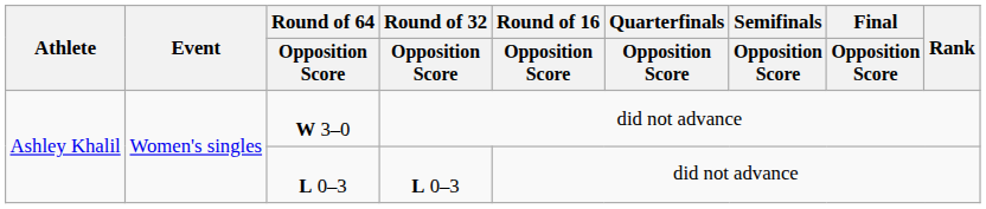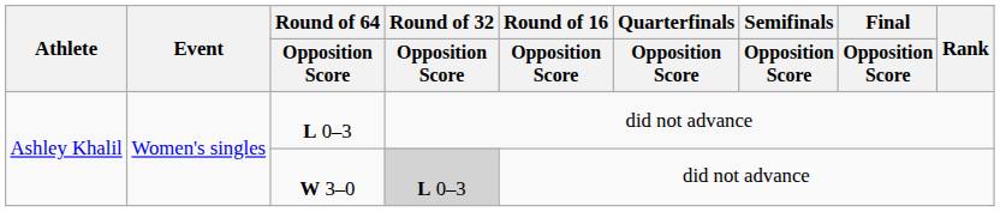 <table class="wikitable" style="font-size:90%;">
 <tr>
 <th rowspan="2">Athlete</th>
 <th rowspan="2">Event</th>
 <th>Round of 64</th>
 <th>Round of 32</th>
 <th>Round of 16</th>
 <th>Quarterfinals</th>
 <th>Semifinals</th>
 <th>Final</th>
 <th rowspan=2>Rank</th>
 </tr>
 <tr style="font-size:95%">
 <th>Opposition<br>Score</th>
 <th>Opposition<br>Score</th>
 <th>Opposition<br>Score</th>
 <th>Opposition<br>Score</th>
 <th>Opposition<br>Score</th>
 <th>Opposition<br>Score</th>
 </tr>
 <tr align=center>
 <td align=left rowspan=2><a href='#'>Ashley Khalil</a></td>
 <td align=left rowspan=5><a href='#'>Women's singles</a></td>
-<td><br><strong>W</strong> 3–0</td>
+<td><br><strong>L</strong> 0–3</td>
 <td colspan=6>did not advance</td>
 </tr>
 <tr align=center>
-<td><br><strong>L</strong> 0–3</td>
-<td><br><strong>L</strong> 0–3</td>
+<td><br><strong>W</strong> 3–0</td>
+<td style="background: lightgrey;"><br><strong>L</strong> 0–3</td>
 <td colspan=5>did not advance</td>
 </tr>
 </table>
